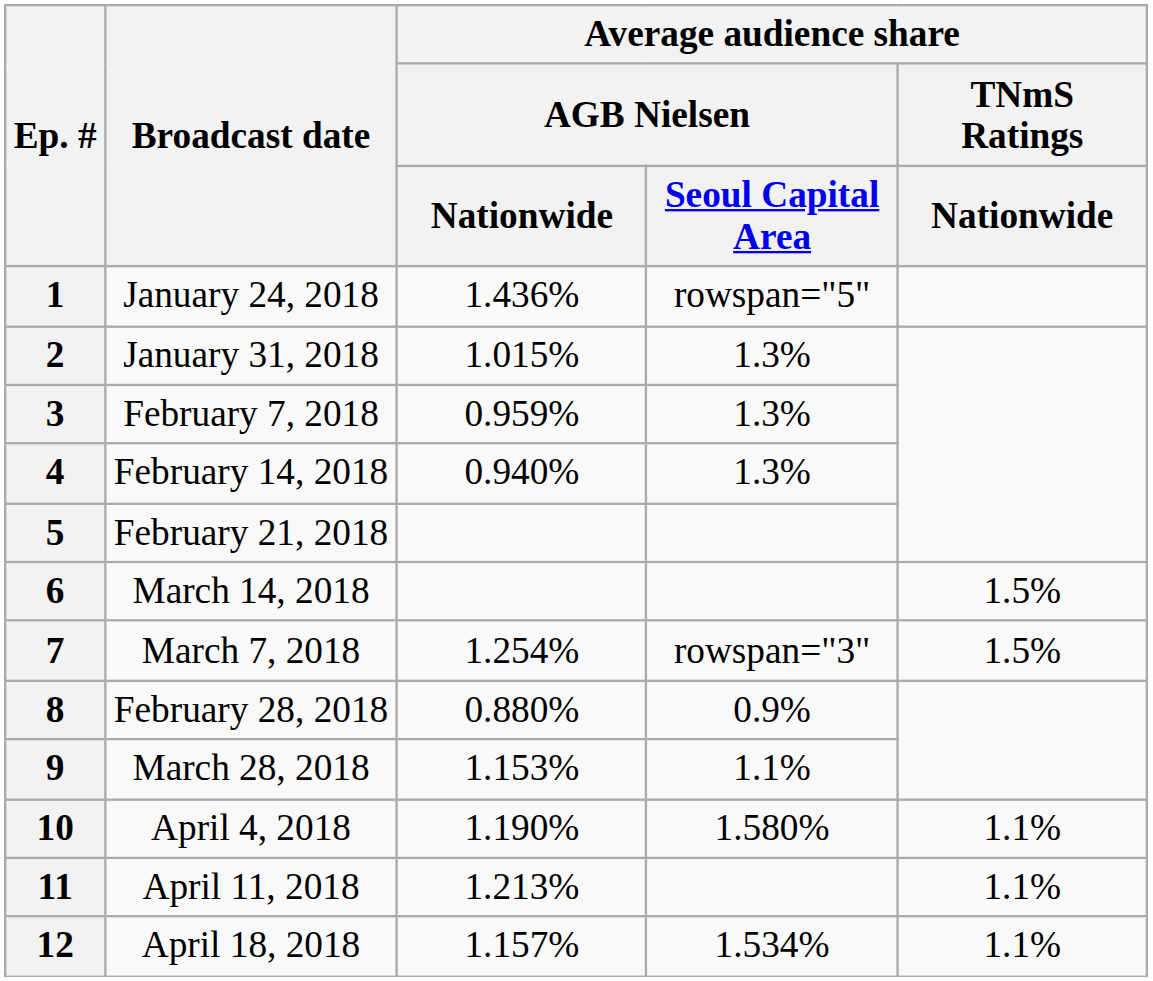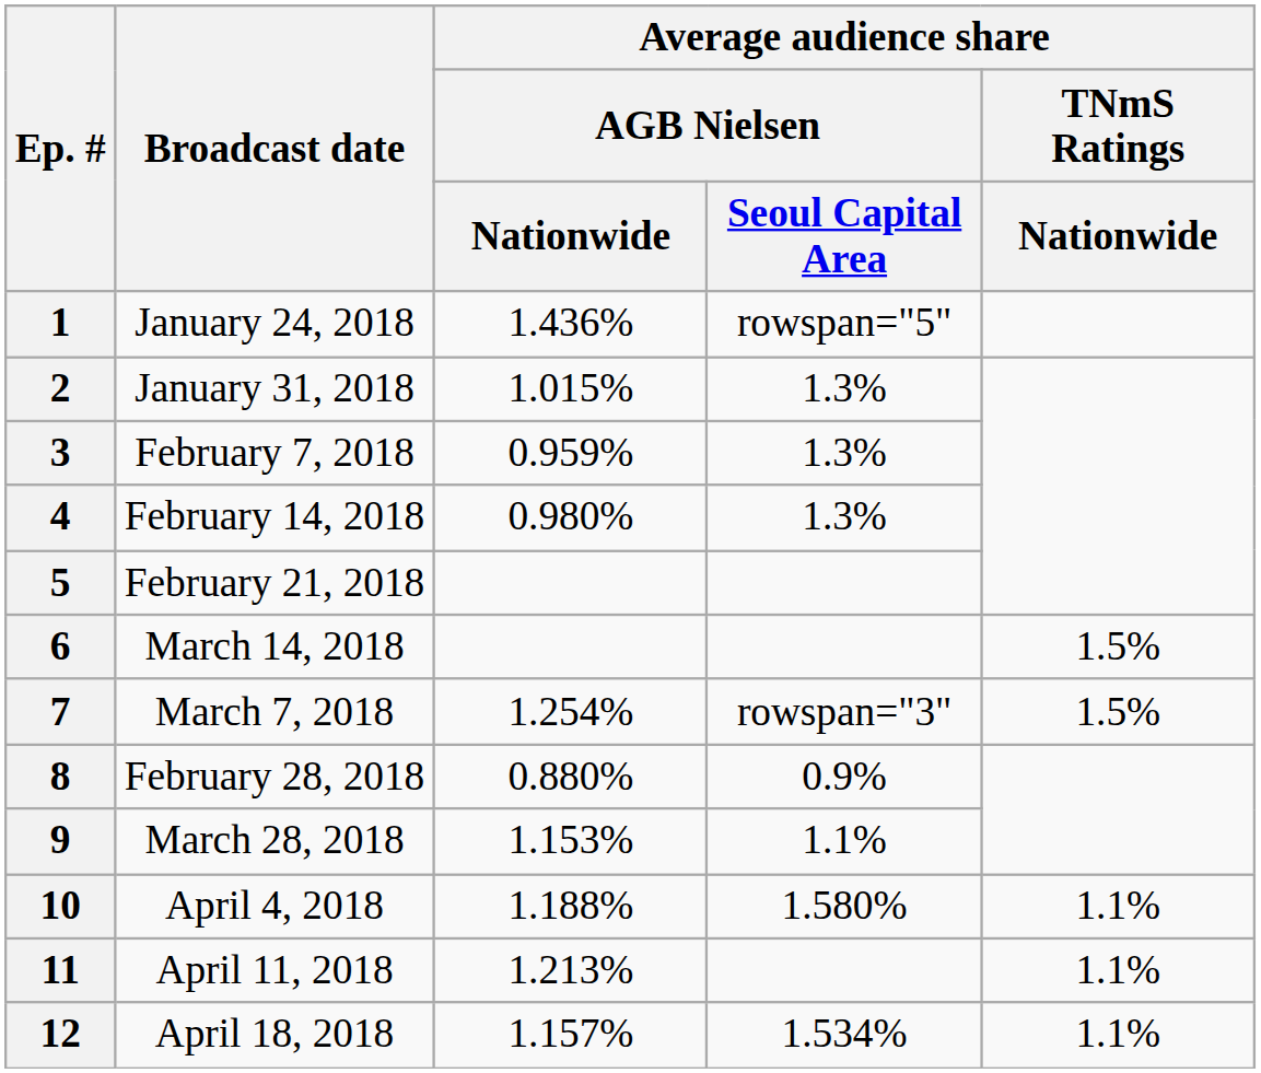 <table class="wikitable" style="text-align:center">
 <tr>
 <th rowspan="3">Ep. #</th>
 <th rowspan="3">Broadcast date</th>
 <th colspan="3">Average audience share</th>
 </tr>
 <tr>
 <th colspan="2">AGB Nielsen</th>
 <th colspan="1">TNmS Ratings</th>
 </tr>
 <tr>
 <th width=100>Nationwide</th>
 <th width=100><a href='#'>Seoul Capital Area</a></th>
 <th width=100>Nationwide</th>
 </tr>
 <tr>
 <th>1</th>
 <td>January 24, 2018</td>
 <td>1.436%</td>
 <td>rowspan="5" </td>
 <td></td>
 </tr>
 <tr>
 <th>2</th>
 <td>January 31, 2018</td>
 <td>1.015%</td>
 <td>1.3%</td>
 </tr>
 <tr>
 <th>3</th>
 <td>February 7, 2018</td>
 <td>0.959%</td>
 <td>1.3%</td>
 </tr>
 <tr>
 <th>4</th>
 <td>February 14, 2018</td>
-<td>0.940%</td>
+<td>0.980%</td>
 <td>1.3%</td>
 </tr>
 <tr>
 <th>5</th>
 <td>February 21, 2018</td>
 <td></td>
 <td></td>
 </tr>
 <tr>
 <th>6</th>
 <td>March 14, 2018</td>
 <td></td>
 <td></td>
 <td>1.5%</td>
 </tr>
 <tr>
 <th>7</th>
 <td>March 7, 2018</td>
 <td>1.254%</td>
 <td>rowspan="3" </td>
 <td>1.5%</td>
 </tr>
 <tr>
 <th>8</th>
 <td>February 28, 2018</td>
 <td>0.880%</td>
 <td>0.9%</td>
 </tr>
 <tr>
 <th>9</th>
 <td>March 28, 2018</td>
 <td>1.153%</td>
 <td>1.1%</td>
 </tr>
 <tr>
 <th>10</th>
 <td>April 4, 2018</td>
-<td>1.190%</td>
+<td>1.188%</td>
 <td>1.580%</td>
 <td>1.1%</td>
 </tr>
 <tr>
 <th>11</th>
 <td>April 11, 2018</td>
 <td>1.213%</td>
 <td></td>
 <td>1.1%</td>
 </tr>
 <tr>
 <th>12</th>
 <td>April 18, 2018</td>
 <td>1.157%</td>
 <td>1.534%</td>
 <td>1.1%</td>
 </tr>
 </table>
